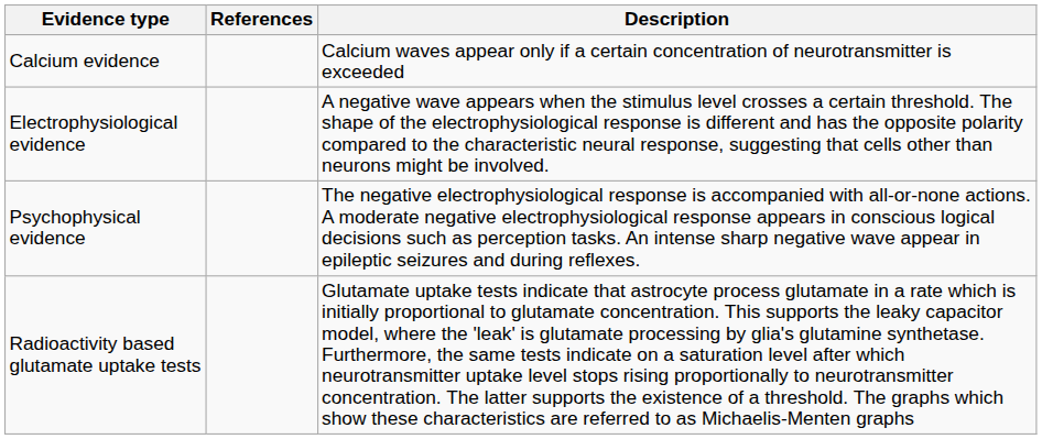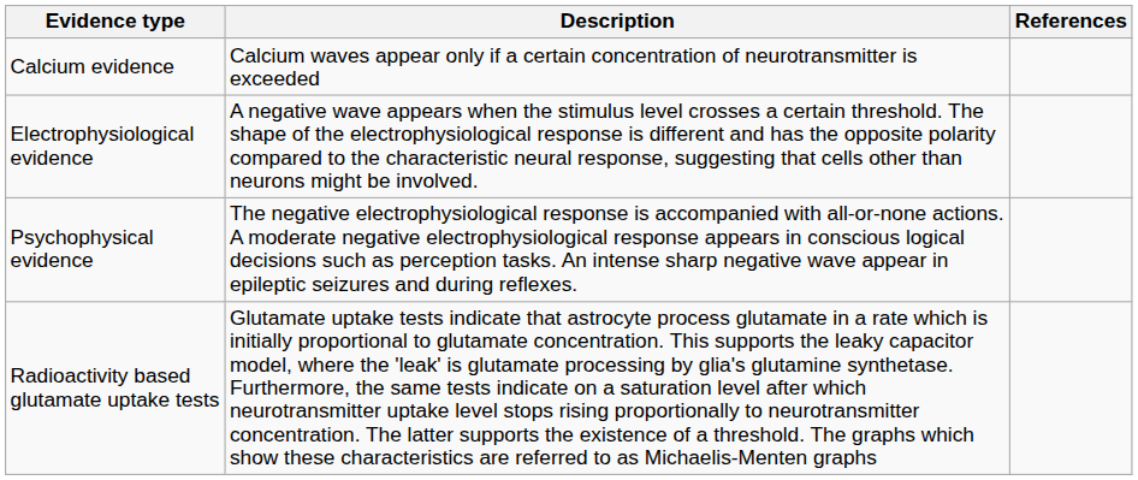 <table class="wikitable">
 <tr>
 <th>Evidence type</th>
+<th>Description</th>
 <th>References</th>
-<th>Description</th>
 </tr>
 <tr>
 <td>Calcium evidence</td>
+<td>Calcium waves appear only if a certain concentration of neurotransmitter is exceeded</td>
 <td></td>
-<td>Calcium waves appear only if a certain concentration of neurotransmitter is exceeded</td>
 </tr>
 <tr>
 <td>Electrophysiological evidence</td>
+<td>A negative wave appears when the stimulus level crosses a certain threshold. The shape of the electrophysiological response is different and has the opposite polarity compared to the characteristic neural response, suggesting that cells other than neurons might be involved.</td>
 <td><br> </td>
-<td>A negative wave appears when the stimulus level crosses a certain threshold. The shape of the electrophysiological response is different and has the opposite polarity compared to the characteristic neural response, suggesting that cells other than neurons might be involved.</td>
 </tr>
 <tr>
 <td>Psychophysical evidence</td>
+<td>The negative electrophysiological response is accompanied with all-or-none actions. A moderate negative electrophysiological response appears in conscious logical decisions such as perception tasks. An intense sharp negative wave appear in epileptic seizures and during reflexes.</td>
 <td></td>
-<td>The negative electrophysiological response is accompanied with all-or-none actions. A moderate negative electrophysiological response appears in conscious logical decisions such as perception tasks. An intense sharp negative wave appear in epileptic seizures and during reflexes.</td>
 </tr>
 <tr>
 <td>Radioactivity based glutamate uptake tests</td>
+<td>Glutamate uptake tests indicate that astrocyte process glutamate in a rate which is initially proportional to glutamate concentration. This supports the leaky capacitor model, where the 'leak' is glutamate processing by glia's glutamine synthetase. Furthermore, the same tests indicate on a saturation level after which neurotransmitter uptake level stops rising proportionally to neurotransmitter concentration. The latter supports the existence of a threshold. The graphs which show these characteristics are referred to as Michaelis-Menten graphs</td>
 <td></td>
-<td>Glutamate uptake tests indicate that astrocyte process glutamate in a rate which is initially proportional to glutamate concentration. This supports the leaky capacitor model, where the 'leak' is glutamate processing by glia's glutamine synthetase. Furthermore, the same tests indicate on a saturation level after which neurotransmitter uptake level stops rising proportionally to neurotransmitter concentration. The latter supports the existence of a threshold. The graphs which show these characteristics are referred to as Michaelis-Menten graphs</td>
 </tr>
 </table>
